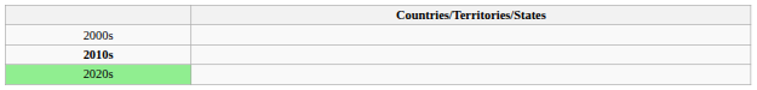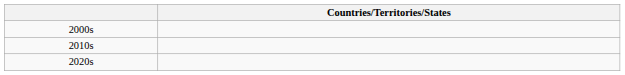 <table class="wikitable" style="width:75%">
 <tr>
 <th style="width:8em;"></th>
 <th style="width:25em;">Countries/Territories/States</th>
 </tr>
 <tr>
 <td style="text-align:center;">2000s</td>
 <td></td>
 </tr>
 <tr>
-<td style="text-align:center;"><strong>2010s</strong></td>
+<td style="text-align:center;">2010s</td>
 <td></td>
 </tr>
 <tr>
-<td style="background: lightgreen; text-align:center;">2020s</td>
+<td style="text-align:center;">2020s</td>
 <td></td>
 </tr>
 </table>
